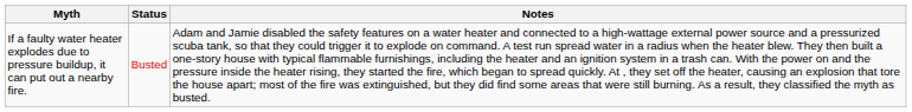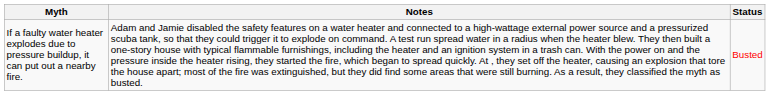 <table class="wikitable plainrowheaders">
 <tr>
 <th scope"col">Myth</th>
+<th scope"col">Notes</th>
 <th scope"col">Status</th>
-<th scope"col">Notes</th>
 </tr>
 <tr>
 <td scope"row">If a faulty water heater explodes due to pressure buildup, it can put out a nearby fire.</td>
+<td>Adam and Jamie disabled the safety features on a water heater and connected to a high-wattage external power source and a pressurized scuba tank, so that they could trigger it to explode on command. A test run spread water in a  radius when the heater blew. They then built a one-story house with typical flammable furnishings, including the heater and an ignition system in a trash can. With the power on and the pressure inside the heater rising, they started the fire, which began to spread quickly. At , they set off the heater, causing an explosion that tore the house apart; most of the fire was extinguished, but they did find some areas that were still burning. As a result, they classified the myth as busted.</td>
 <td style="color:red">Busted</td>
-<td>Adam and Jamie disabled the safety features on a water heater and connected to a high-wattage external power source and a pressurized scuba tank, so that they could trigger it to explode on command. A test run spread water in a  radius when the heater blew. They then built a one-story house with typical flammable furnishings, including the heater and an ignition system in a trash can. With the power on and the pressure inside the heater rising, they started the fire, which began to spread quickly. At , they set off the heater, causing an explosion that tore the house apart; most of the fire was extinguished, but they did find some areas that were still burning. As a result, they classified the myth as busted.</td>
 </tr>
 </table>
